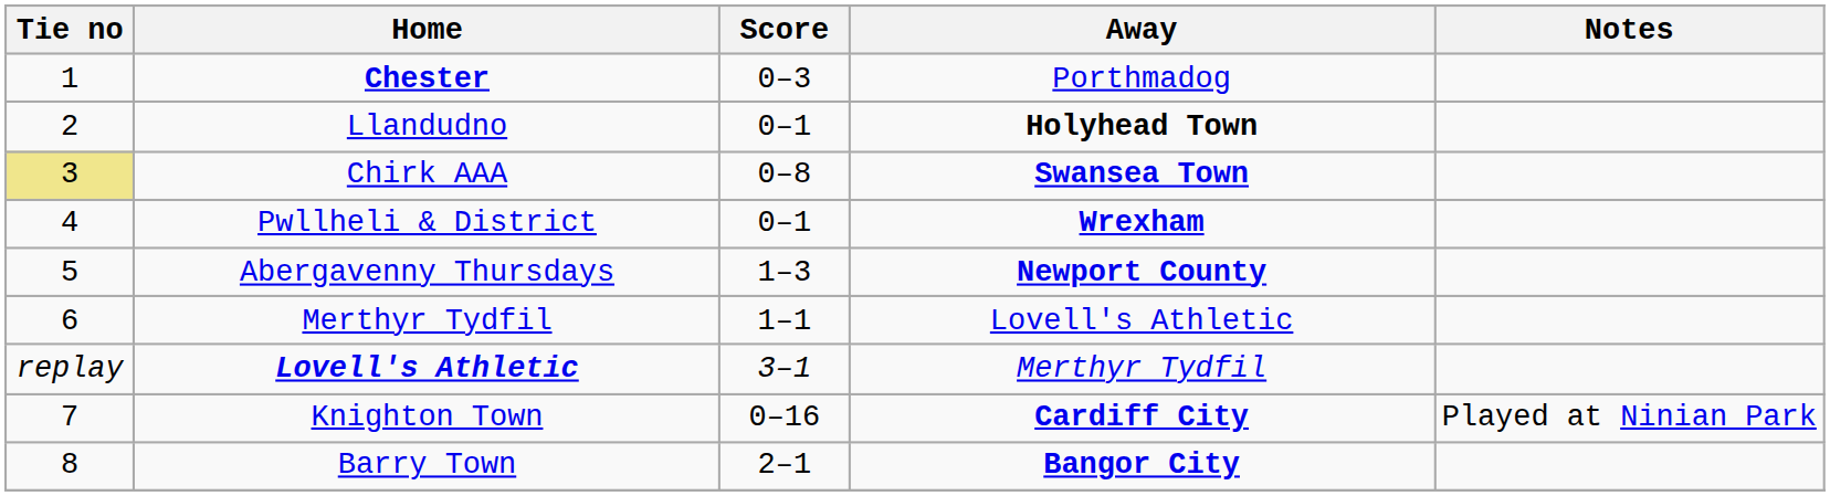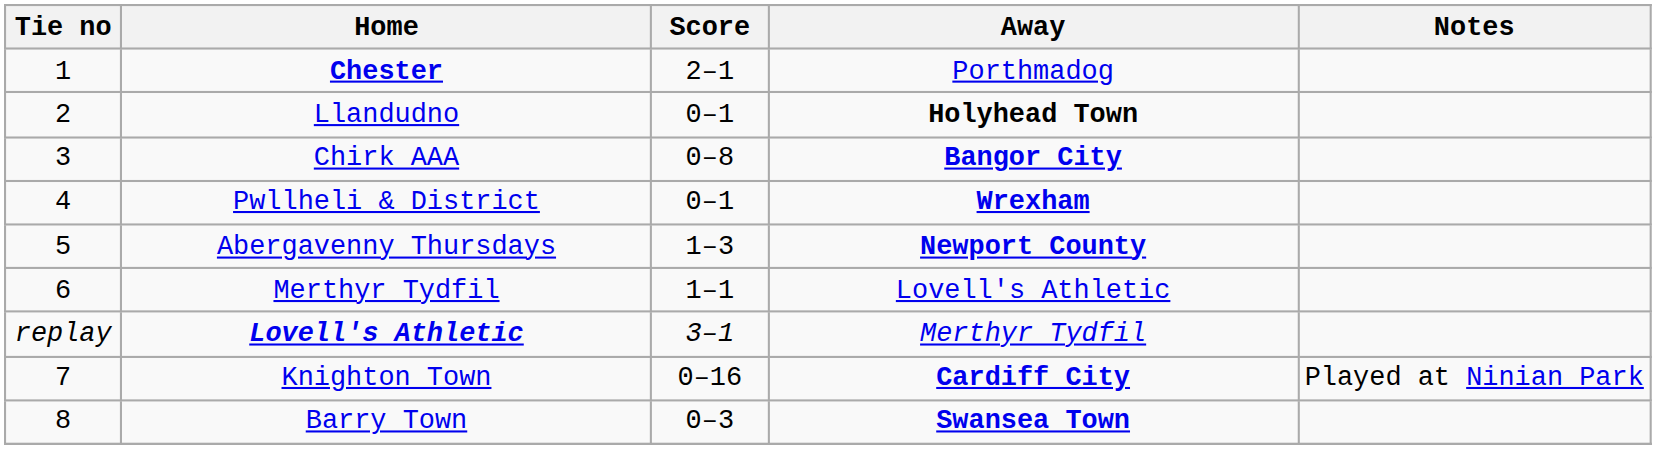 <table class="wikitable" style="text-align:center">
 <tr>
 <th width=50>Tie no</th>
 <th width=250>Home</th>
 <th width=50>Score</th>
 <th width=250>Away</th>
 <th>Notes</th>
 </tr>
 <tr>
 <td>1</td>
 <td><strong><a href='#'>Chester</a></strong></td>
-<td>0–3</td>
+<td>2–1</td>
 <td><a href='#'>Porthmadog</a></td>
 <td></td>
 </tr>
 <tr>
 <td>2</td>
 <td><a href='#'>Llandudno</a></td>
 <td>0–1</td>
 <td><strong>Holyhead Town</strong></td>
 <td></td>
 </tr>
 <tr>
-<td style="background: khaki;">3</td>
+<td>3</td>
 <td><a href='#'>Chirk AAA</a></td>
 <td>0–8</td>
-<td><strong><a href='#'>Swansea Town</a></strong></td>
+<td><strong><a href='#'>Bangor City</a></strong></td>
 <td></td>
 </tr>
 <tr>
 <td>4</td>
 <td><a href='#'>Pwllheli & District</a></td>
 <td>0–1</td>
 <td><strong><a href='#'>Wrexham</a></strong></td>
 <td></td>
 </tr>
 <tr>
 <td>5</td>
 <td><a href='#'>Abergavenny Thursdays</a></td>
 <td>1–3</td>
 <td><strong><a href='#'>Newport County</a></strong></td>
 <td></td>
 </tr>
 <tr>
 <td>6</td>
 <td><a href='#'>Merthyr Tydfil</a></td>
 <td>1–1</td>
 <td><a href='#'>Lovell's Athletic</a></td>
 <td></td>
 </tr>
 <tr>
 <td><em>replay</em></td>
 <td><strong><em><a href='#'>Lovell's Athletic</a></em></strong></td>
 <td><em>3–1</em></td>
 <td><em><a href='#'>Merthyr Tydfil</a></em></td>
 <td></td>
 </tr>
 <tr>
 <td>7</td>
 <td><a href='#'>Knighton Town</a></td>
 <td>0–16</td>
 <td><strong><a href='#'>Cardiff City</a></strong></td>
 <td>Played at <a href='#'>Ninian Park</a></td>
 </tr>
 <tr>
 <td>8</td>
 <td><a href='#'>Barry Town</a></td>
-<td>2–1</td>
-<td><strong><a href='#'>Bangor City</a></strong></td>
+<td>0–3</td>
+<td><strong><a href='#'>Swansea Town</a></strong></td>
 <td></td>
 </tr>
 <tr>
 </tr>
 </table>
